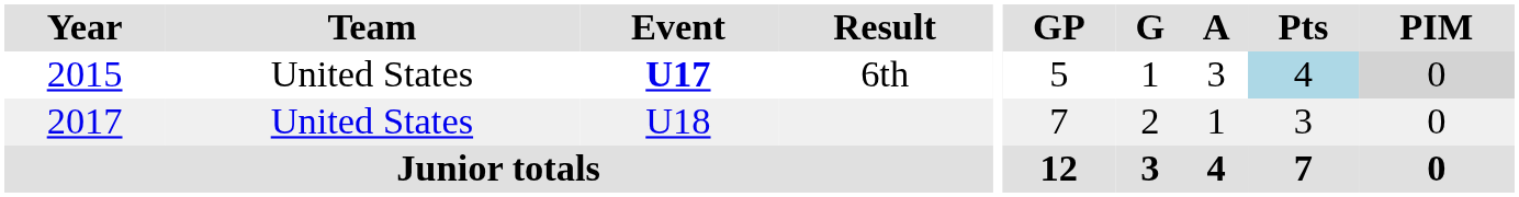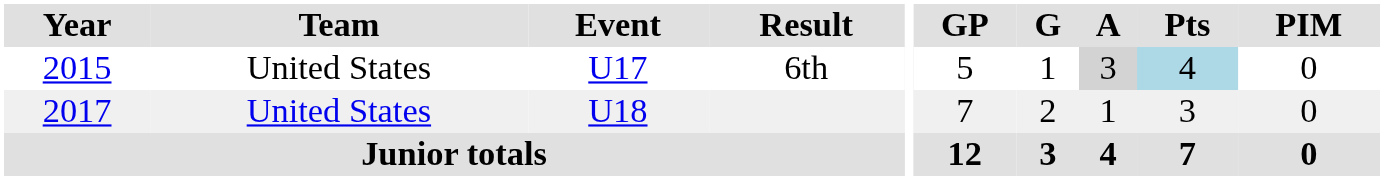 <table border="0" cellpadding="1" cellspacing="0" ID="Table3" style="text-align:center; width:40em">
 <tr bgcolor="#e0e0e0">
 <th>Year</th>
 <th>Team</th>
 <th>Event</th>
 <th>Result</th>
 <th rowspan="99" bgcolor="#ffffff"></th>
 <th>GP</th>
 <th>G</th>
 <th>A</th>
 <th>Pts</th>
 <th>PIM</th>
 </tr>
 <tr>
 <td><a href='#'>2015</a></td>
 <td>United States</td>
-<td><strong><a href='#'>U17</a></strong></td>
+<td><a href='#'>U17</a></td>
 <td>6th</td>
 <td>5</td>
 <td>1</td>
-<td>3</td>
+<td style="background: lightgrey;">3</td>
 <td style="background: lightblue;">4</td>
-<td style="background: lightgrey;">0</td>
+<td>0</td>
 </tr>
 <tr bgcolor="#f0f0f0">
 <td><a href='#'>2017</a></td>
 <td><a href='#'>United States</a></td>
 <td><a href='#'>U18</a></td>
 <td></td>
 <td>7</td>
 <td>2</td>
 <td>1</td>
 <td>3</td>
 <td>0</td>
 </tr>
 <tr bgcolor="#e0e0e0">
 <th colspan="4">Junior totals</th>
 <th>12</th>
 <th>3</th>
 <th>4</th>
 <th>7</th>
 <th>0</th>
 </tr>
 </table>
